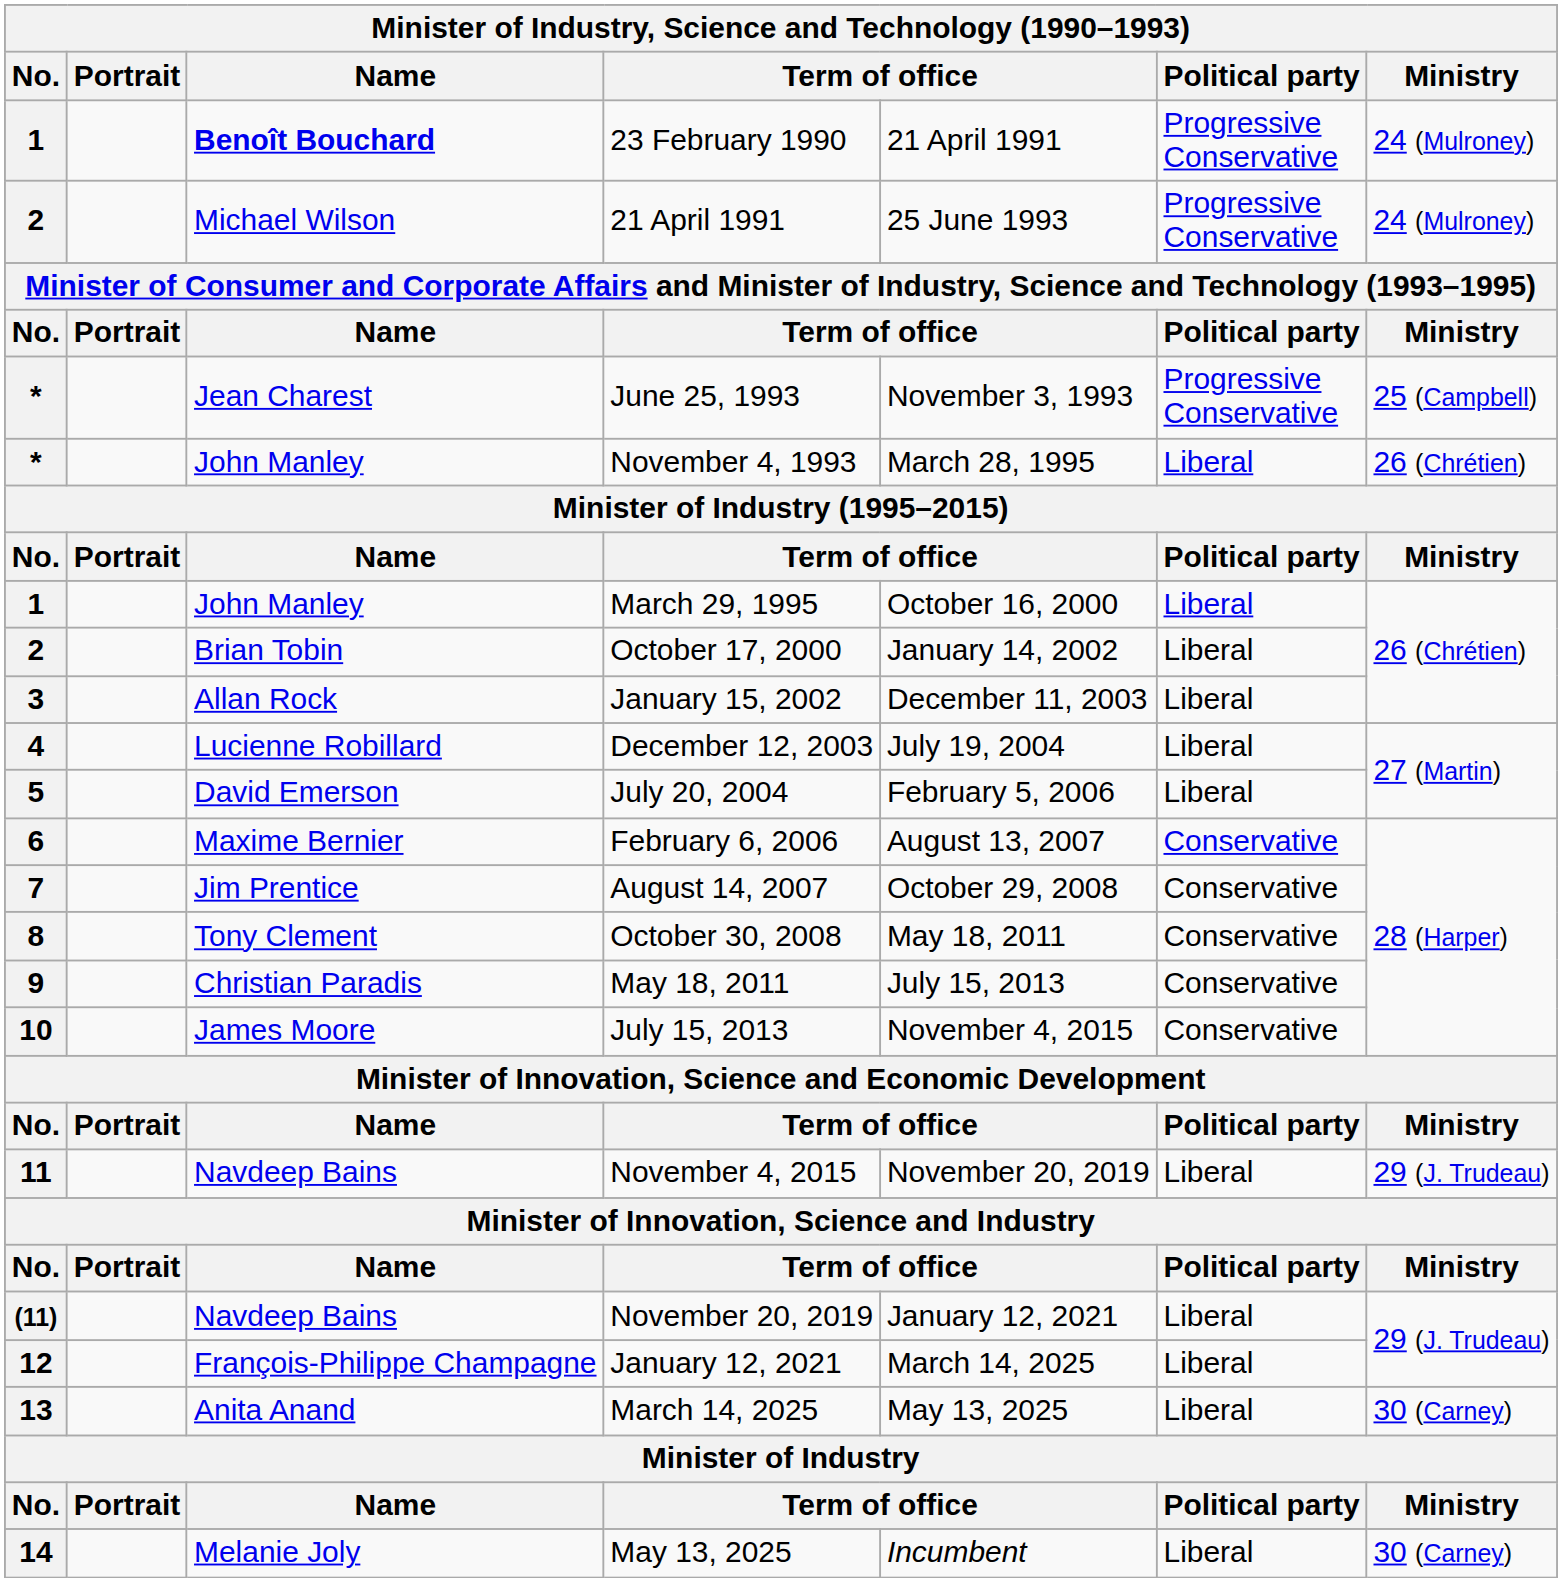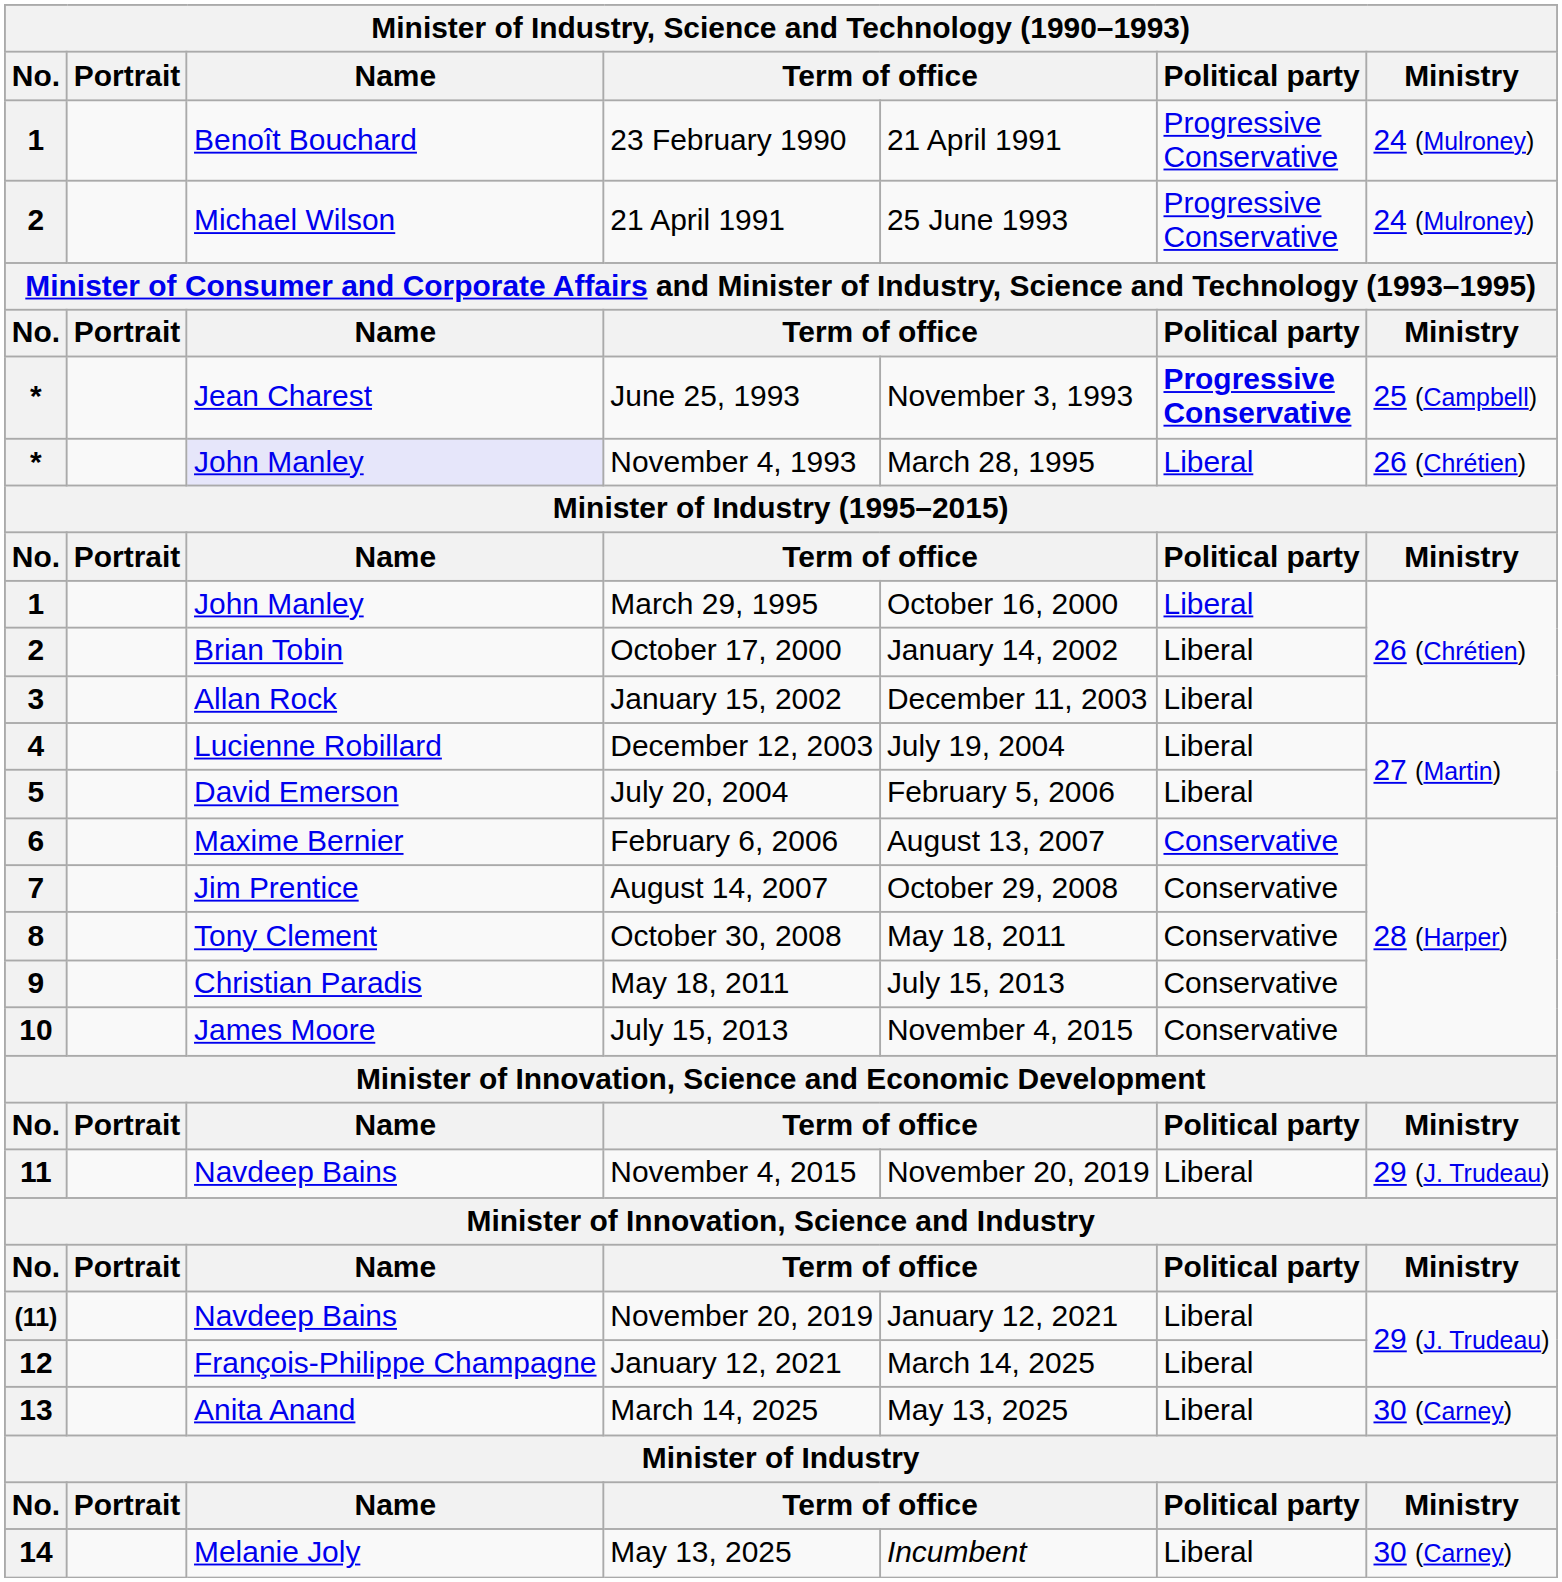 <table class="wikitable">
 <tr>
 <th colspan="7">Minister of Industry, Science and Technology (1990–1993)</th>
 </tr>
 <tr>
 <th>No.</th>
 <th>Portrait</th>
 <th>Name</th>
 <th colspan="2">Term of office</th>
 <th>Political party</th>
 <th>Ministry</th>
 </tr>
 <tr>
 <th style="background:">1</th>
 <td></td>
-<td><strong><a href='#'>Benoît Bouchard</a></strong></td>
+<td><a href='#'>Benoît Bouchard</a></td>
 <td>23 February 1990</td>
 <td>21 April 1991</td>
 <td><a href='#'>Progressive <br>Conservative</a></td>
 <td><a href='#'>24</a> <small>(<a href='#'>Mulroney</a>)</small></td>
 </tr>
 <tr>
 <th style="background:">2</th>
 <td></td>
 <td><a href='#'>Michael Wilson</a></td>
 <td>21 April 1991</td>
 <td>25 June 1993</td>
 <td><a href='#'>Progressive <br>Conservative</a></td>
 <td><a href='#'>24</a> <small>(<a href='#'>Mulroney</a>)</small></td>
 </tr>
 <tr>
 <th colspan="7"><a href='#'>Minister of Consumer and Corporate Affairs</a> and Minister of Industry, Science and Technology (1993–1995)</th>
 </tr>
 <tr>
 <th>No.</th>
 <th>Portrait</th>
 <th>Name</th>
 <th colspan=2>Term of office</th>
 <th>Political party</th>
 <th>Ministry</th>
 </tr>
 <tr>
 <th style="background:">*</th>
 <td></td>
 <td><a href='#'>Jean Charest</a> <br></td>
 <td>June 25, 1993</td>
 <td>November 3, 1993</td>
-<td><a href='#'>Progressive <br>Conservative</a></td>
+<td><strong><a href='#'>Progressive <br>Conservative</a></strong></td>
 <td><a href='#'>25</a> <small>(<a href='#'>Campbell</a>)</small></td>
 </tr>
 <tr>
 <th style="background:">*</th>
 <td></td>
-<td><a href='#'>John Manley</a> <br></td>
+<td style="background: lavender;"><a href='#'>John Manley</a> <br></td>
 <td>November 4, 1993</td>
 <td>March 28, 1995</td>
 <td><a href='#'>Liberal</a></td>
 <td><a href='#'>26</a> <small>(<a href='#'>Chrétien</a>)</small></td>
 </tr>
 <tr>
 <th colspan=7>Minister of Industry (1995–2015)</th>
 </tr>
 <tr>
 <th>No.</th>
 <th>Portrait</th>
 <th>Name</th>
 <th colspan="2">Term of office</th>
 <th>Political party</th>
 <th>Ministry</th>
 </tr>
 <tr>
 <th style="background:">1</th>
 <td></td>
 <td><a href='#'>John Manley</a></td>
 <td>March 29, 1995</td>
 <td>October 16, 2000</td>
 <td><a href='#'>Liberal</a></td>
 <td rowspan=3><a href='#'>26</a> <small>(<a href='#'>Chrétien</a>)</small></td>
 </tr>
 <tr>
 <th style="background:">2</th>
 <td></td>
 <td><a href='#'>Brian Tobin</a></td>
 <td>October 17, 2000</td>
 <td>January 14, 2002</td>
 <td>Liberal</td>
 </tr>
 <tr>
 <th style="background:">3</th>
 <td></td>
 <td><a href='#'>Allan Rock</a></td>
 <td>January 15, 2002</td>
 <td>December 11, 2003</td>
 <td>Liberal</td>
 </tr>
 <tr>
 <th style="background:">4</th>
 <td></td>
 <td><a href='#'>Lucienne Robillard</a></td>
 <td>December 12, 2003</td>
 <td>July 19, 2004</td>
 <td>Liberal</td>
 <td rowspan=2><a href='#'>27</a> <small>(<a href='#'>Martin</a>)</small></td>
 </tr>
 <tr>
 <th style="background:">5</th>
 <td></td>
 <td><a href='#'>David Emerson</a></td>
 <td>July 20, 2004</td>
 <td>February 5, 2006</td>
 <td>Liberal</td>
 </tr>
 <tr>
 <th style="background:">6</th>
 <td></td>
 <td><a href='#'>Maxime Bernier</a></td>
 <td>February 6, 2006</td>
 <td>August 13, 2007</td>
 <td><a href='#'>Conservative</a></td>
 <td rowspan=5><a href='#'>28</a> <small>(<a href='#'>Harper</a>)</small></td>
 </tr>
 <tr>
 <th style="background:">7</th>
 <td></td>
 <td><a href='#'>Jim Prentice</a></td>
 <td>August 14, 2007</td>
 <td>October 29, 2008</td>
 <td>Conservative</td>
 </tr>
 <tr>
 <th style="background:">8</th>
 <td></td>
 <td><a href='#'>Tony Clement</a></td>
 <td>October 30, 2008</td>
 <td>May 18, 2011</td>
 <td>Conservative</td>
 </tr>
 <tr>
 <th style="background:">9</th>
 <td></td>
 <td><a href='#'>Christian Paradis</a></td>
 <td>May 18, 2011</td>
 <td>July 15, 2013</td>
 <td>Conservative</td>
 </tr>
 <tr>
 <th style="background:">10</th>
 <td></td>
 <td><a href='#'>James Moore</a></td>
 <td>July 15, 2013</td>
 <td>November 4, 2015</td>
 <td>Conservative</td>
 </tr>
 <tr>
 <th colspan=7>Minister of Innovation, Science and Economic Development</th>
 </tr>
 <tr>
 <th>No.</th>
 <th>Portrait</th>
 <th>Name</th>
 <th colspan="2">Term of office</th>
 <th>Political party</th>
 <th>Ministry</th>
 </tr>
 <tr>
 <th style="background:">11</th>
 <td></td>
 <td><a href='#'>Navdeep Bains</a></td>
 <td>November 4, 2015</td>
 <td>November 20, 2019</td>
 <td>Liberal</td>
 <td><a href='#'>29</a> <small>(<a href='#'>J. Trudeau</a>)</small></td>
 </tr>
 <tr>
 <th colspan=7>Minister of Innovation, Science and Industry</th>
 </tr>
 <tr>
 <th>No.</th>
 <th>Portrait</th>
 <th>Name</th>
 <th colspan="2">Term of office</th>
 <th>Political party</th>
 <th>Ministry</th>
 </tr>
 <tr>
 <th style="background:"><small>(11)</small></th>
 <td></td>
 <td><a href='#'>Navdeep Bains</a></td>
 <td>November 20, 2019</td>
 <td>January 12, 2021</td>
 <td>Liberal</td>
 <td rowspan=2><a href='#'>29</a> <small>(<a href='#'>J. Trudeau</a>)</small></td>
 </tr>
 <tr>
 <th style="background:">12</th>
 <td></td>
 <td><a href='#'>François-Philippe Champagne</a></td>
 <td>January 12, 2021</td>
 <td>March 14, 2025</td>
 <td>Liberal</td>
 </tr>
 <tr>
 <th style="background:">13</th>
 <td></td>
 <td><a href='#'>Anita Anand</a></td>
 <td>March 14, 2025</td>
 <td>May 13, 2025</td>
 <td>Liberal</td>
 <td><a href='#'>30</a> <small>(<a href='#'>Carney</a>)</small></td>
 </tr>
 <tr>
 <th colspan="7">Minister of Industry</th>
 </tr>
 <tr>
 <th>No.</th>
 <th>Portrait</th>
 <th>Name</th>
 <th colspan="2">Term of office</th>
 <th>Political party</th>
 <th>Ministry</th>
 </tr>
 <tr>
 <th style="background:">14</th>
 <td></td>
 <td><a href='#'>Melanie Joly</a></td>
 <td>May 13, 2025</td>
 <td><em>Incumbent</em></td>
 <td>Liberal</td>
 <td><a href='#'>30</a> <small>(<a href='#'>Carney</a>)</small></td>
 </tr>
 </table>
